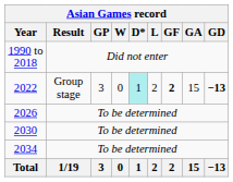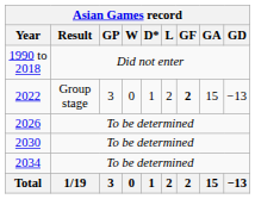 <table class="wikitable" style="text-align: center; width:50%;">
 <tr>
 <th colspan="9"><a href='#'>Asian Games</a> record</th>
 </tr>
 <tr>
 <th>Year</th>
 <th>Result</th>
 <th>GP</th>
 <th>W</th>
 <th>D*</th>
 <th>L</th>
 <th>GF</th>
 <th>GA</th>
 <th>GD</th>
 </tr>
 <tr>
 <td> <a href='#'>1990</a> to  <a href='#'>2018</a></td>
 <td colspan=8><em>Did not enter</em></td>
 </tr>
 <tr>
 <td> <a href='#'>2022</a></td>
 <td>Group stage</td>
 <td>3</td>
 <td>0</td>
-<td style="background: paleturquoise;">1</td>
+<td>1</td>
 <td>2</td>
 <td><strong>2</strong></td>
 <td>15</td>
-<td><strong>−13</strong></td>
+<td>−13</td>
 </tr>
 <tr>
 <td> <a href='#'>2026</a></td>
 <td colspan=8><em>To be determined</em></td>
 </tr>
 <tr>
 <td> <a href='#'>2030</a></td>
 <td colspan=8><em>To be determined</em></td>
 </tr>
 <tr>
 <td> <a href='#'>2034</a></td>
 <td colspan=8><em>To be determined</em></td>
 </tr>
 <tr>
 <th>Total</th>
 <th>1/19</th>
 <th>3</th>
 <th>0</th>
 <th>1</th>
 <th>2</th>
 <th>2</th>
 <th>15</th>
 <th>−13</th>
 </tr>
 </table>
